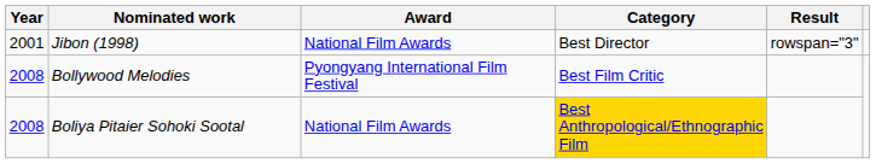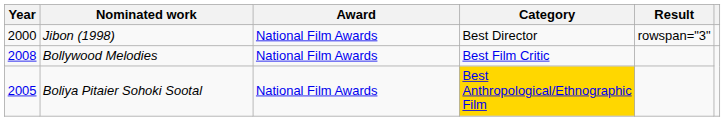 <table class="wikitable sortable" width=100%>
 <tr>
 <th width=5%>Year</th>
 <th style="width:40%;">Nominated work</th>
 <th style="width:40%;">Award</th>
 <th style="width:40%;">Category</th>
 <th style="width:10%;">Result</th>
 <th width=5%></th>
 </tr>
 <tr>
-<td style="text-align:center;">2001</td>
+<td style="text-align:center;">2000</td>
 <td style="text-align:left;"><em>Jibon (1998)</em></td>
 <td><a href='#'>National Film Awards</a></td>
 <td style="text-align:left;">Best Director</td>
 <td>rowspan="3"</td>
 <td style="text-align:center;"></td>
 </tr>
 <tr>
 <td style="text-align:center;"><a href='#'>2008</a></td>
 <td style="text-align:left;"><em>Bollywood Melodies</em></td>
-<td><a href='#'>Pyongyang International Film Festival</a></td>
+<td><a href='#'>National Film Awards</a></td>
 <td style="text-align:left;"><a href='#'>Best Film Critic</a></td>
 <td style="text-align:center;"></td>
 </tr>
 <tr>
-<td style="text-align:center;"><a href='#'>2008</a></td>
+<td style="text-align:center;"><a href='#'>2005</a></td>
 <td style="text-align:left;"><em>Boliya Pitaier Sohoki Sootal</em></td>
 <td><a href='#'>National Film Awards</a></td>
 <td style="background: gold; text-align:left;"><a href='#'>Best Anthropological/Ethnographic Film</a></td>
 <td style="text-align:center;"></td>
 </tr>
 </table>
